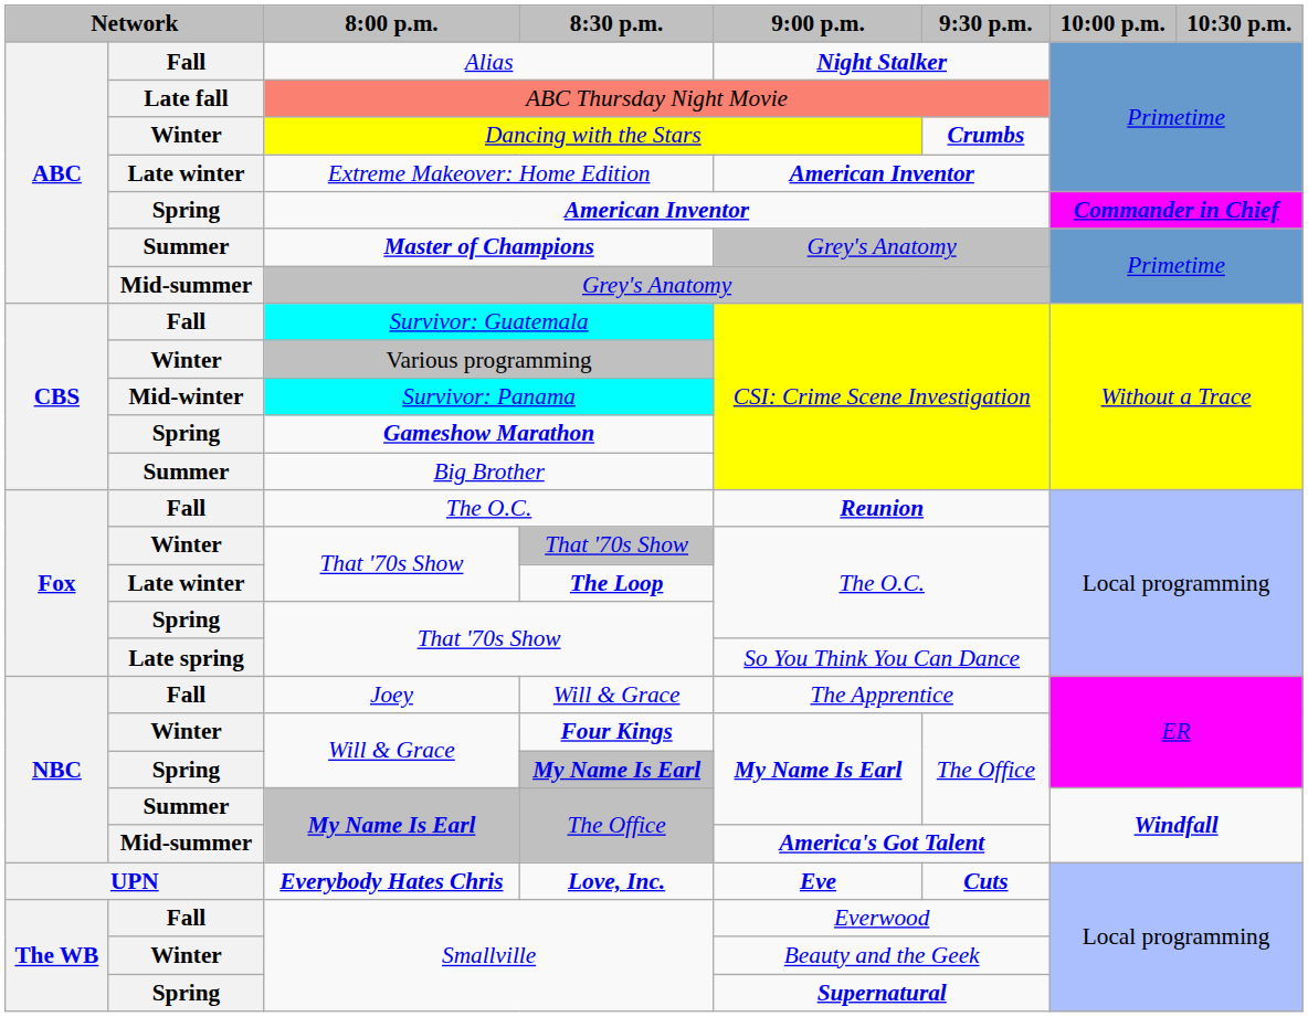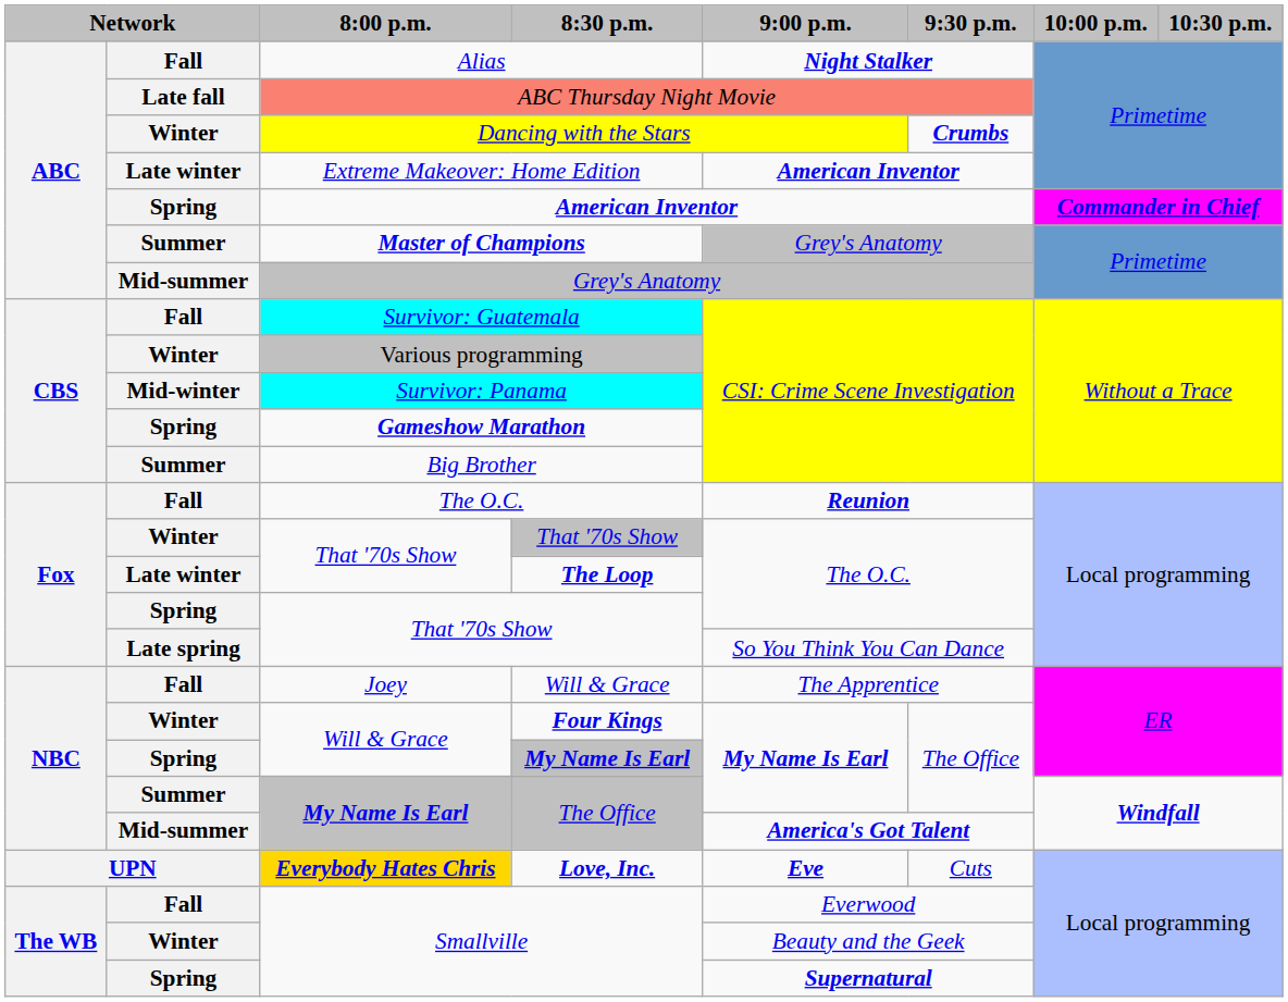 <table class="wikitable" style="width:100%;margin-right:0;text-align:center">
 <tr>
 <th colspan="2" style="background-color:#C0C0C0;text-align:center">Network</th>
 <th style="background-color:#C0C0C0;text-align:center">8:00 p.m.</th>
 <th style="background-color:#C0C0C0;text-align:center">8:30 p.m.</th>
 <th style="background-color:#C0C0C0;text-align:center">9:00 p.m.</th>
 <th style="background-color:#C0C0C0;text-align:center">9:30 p.m.</th>
 <th style="background-color:#C0C0C0;text-align:center">10:00 p.m.</th>
 <th style="background-color:#C0C0C0;text-align:center">10:30 p.m.</th>
 </tr>
 <tr>
 <th rowspan="7"><a href='#'>ABC</a></th>
 <th>Fall</th>
 <td colspan="2"><em><a href='#'>Alias</a></em></td>
 <td colspan="2"><strong><em><a href='#'>Night Stalker</a></em></strong></td>
 <td colspan="2" rowspan="4" style="background:#6699CC;"><em><a href='#'>Primetime</a></em></td>
 </tr>
 <tr>
 <th>Late fall</th>
 <td colspan="4" style="background:#FA8072;"><em>ABC Thursday Night Movie</em></td>
 </tr>
 <tr>
 <th>Winter</th>
 <td style="background-color:#FFFF00;" colspan="3"><em><a href='#'>Dancing with the Stars</a></em> </td>
 <td><strong><em><a href='#'>Crumbs</a></em></strong></td>
 </tr>
 <tr>
 <th>Late winter</th>
 <td colspan="2"><em><a href='#'>Extreme Makeover: Home Edition</a></em></td>
 <td colspan="2"><strong><em><a href='#'>American Inventor</a></em></strong></td>
 </tr>
 <tr>
 <th>Spring</th>
 <td colspan="4"><strong><em><a href='#'>American Inventor</a></em></strong></td>
 <td style="background-color:#FF00FF" colspan="2"><strong><em><a href='#'>Commander in Chief</a></em></strong> </td>
 </tr>
 <tr>
 <th>Summer</th>
 <td colspan="2"><strong><em><a href='#'>Master of Champions</a></em></strong></td>
 <td colspan="2" style="background:#C0C0C0;"><em><a href='#'>Grey's Anatomy</a></em> </td>
 <td colspan="2" rowspan="2" style="background:#6699CC;"><em><a href='#'>Primetime</a></em></td>
 </tr>
 <tr>
 <th>Mid-summer</th>
 <td colspan="4" style="background:#C0C0C0;"><em><a href='#'>Grey's Anatomy</a></em> </td>
 </tr>
 <tr>
 <th rowspan="5"><a href='#'>CBS</a></th>
 <th>Fall</th>
 <td style="background:#00FFFF;" colspan="2"><em><a href='#'>Survivor: Guatemala</a></em> </td>
 <td style="background:#FFFF00;" colspan="2" rowspan="5"><em><a href='#'>CSI: Crime Scene Investigation</a></em> </td>
 <td style="background:#FFFF00;" colspan="2" rowspan="5"><em><a href='#'>Without a Trace</a></em> </td>
 </tr>
 <tr>
 <th>Winter</th>
 <td style="background:#C0C0C0;" colspan="2">Various programming</td>
 </tr>
 <tr>
 <th>Mid-winter</th>
 <td style="background:#00FFFF;" colspan="2"><em><a href='#'>Survivor: Panama</a></em> </td>
 </tr>
 <tr>
 <th>Spring</th>
 <td colspan="2"><strong><em><a href='#'>Gameshow Marathon</a></em></strong></td>
 </tr>
 <tr>
 <th>Summer</th>
 <td colspan="2"><em><a href='#'>Big Brother</a></em></td>
 </tr>
 <tr>
 <th rowspan="5"><a href='#'>Fox</a></th>
 <th>Fall</th>
 <td colspan="2"><em><a href='#'>The O.C.</a></em></td>
 <td colspan="2"><strong><em><a href='#'>Reunion</a></em></strong></td>
 <td style="background:#abbfff;" colspan="2" rowspan="5">Local programming</td>
 </tr>
 <tr>
 <th>Winter</th>
 <td rowspan="2"><em><a href='#'>That '70s Show</a></em></td>
 <td style="background:#C0C0C0;"><em><a href='#'>That '70s Show</a></em> </td>
 <td colspan="2" rowspan="3"><em><a href='#'>The O.C.</a></em></td>
 </tr>
 <tr>
 <th>Late winter</th>
 <td><strong><em><a href='#'>The Loop</a></em></strong></td>
 </tr>
 <tr>
 <th>Spring</th>
 <td colspan="2" rowspan="2"><em><a href='#'>That '70s Show</a></em></td>
 </tr>
 <tr>
 <th>Late spring</th>
 <td colspan="2"><em><a href='#'>So You Think You Can Dance</a></em></td>
 </tr>
 <tr>
 <th rowspan="5"><a href='#'>NBC</a></th>
 <th>Fall</th>
 <td><em><a href='#'>Joey</a></em></td>
 <td><em><a href='#'>Will & Grace</a></em></td>
 <td colspan="2"><em><a href='#'>The Apprentice</a></em></td>
 <td style="background:#FF00FF;" colspan="2" rowspan="3"><em><a href='#'>ER</a></em> </td>
 </tr>
 <tr>
 <th>Winter</th>
 <td rowspan="2"><em><a href='#'>Will & Grace</a></em></td>
 <td><strong><em><a href='#'>Four Kings</a></em></strong></td>
 <td rowspan="3"><strong><em><a href='#'>My Name Is Earl</a></em></strong></td>
 <td rowspan="3"><em><a href='#'>The Office</a></em></td>
 </tr>
 <tr>
 <th>Spring</th>
 <td style="background:#C0C0C0;"><strong><em><a href='#'>My Name Is Earl</a></em></strong> </td>
 </tr>
 <tr>
 <th>Summer</th>
 <td rowspan="2" style="background:#C0C0C0;"><strong><em><a href='#'>My Name Is Earl</a></em></strong> </td>
 <td rowspan="2" style="background:#C0C0C0;"><em><a href='#'>The Office</a></em> </td>
 <td colspan="2" rowspan="2"><strong><em><a href='#'>Windfall</a></em></strong></td>
 </tr>
 <tr>
 <th>Mid-summer</th>
 <td colspan="2"><strong><em><a href='#'>America's Got Talent</a></em></strong></td>
 </tr>
 <tr>
 <th colspan="2"><a href='#'>UPN</a></th>
-<td><strong><em><a href='#'>Everybody Hates Chris</a></em></strong></td>
+<td style="background: gold;"><strong><em><a href='#'>Everybody Hates Chris</a></em></strong></td>
 <td><strong><em><a href='#'>Love, Inc.</a></em></strong></td>
 <td><strong><em><a href='#'>Eve</a></em></strong></td>
-<td><strong><em><a href='#'>Cuts</a></em></strong></td>
+<td><em><a href='#'>Cuts</a></em></td>
 <td style="background-color:#abbfff" colspan="2" rowspan="4">Local programming</td>
 </tr>
 <tr>
 <th rowspan="3"><a href='#'>The WB</a></th>
 <th>Fall</th>
 <td colspan="2" rowspan="3"><em><a href='#'>Smallville</a></em></td>
 <td colspan="2"><em><a href='#'>Everwood</a></em></td>
 </tr>
 <tr>
 <th>Winter</th>
 <td colspan="2"><em><a href='#'>Beauty and the Geek</a></em></td>
 </tr>
 <tr>
 <th>Spring</th>
 <td colspan="2"><strong><em><a href='#'>Supernatural</a></em></strong></td>
 </tr>
 </table>
